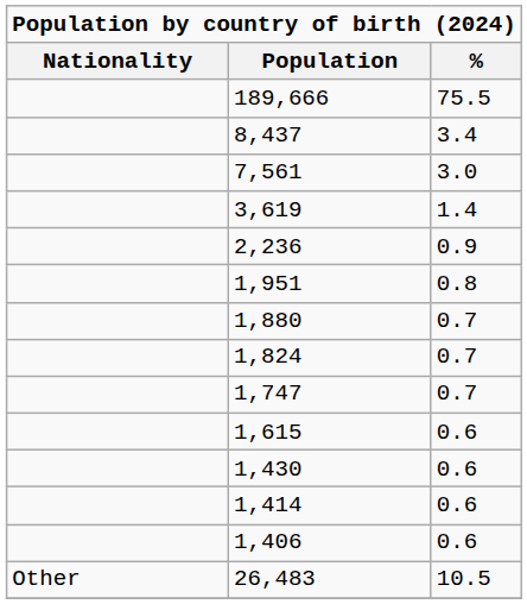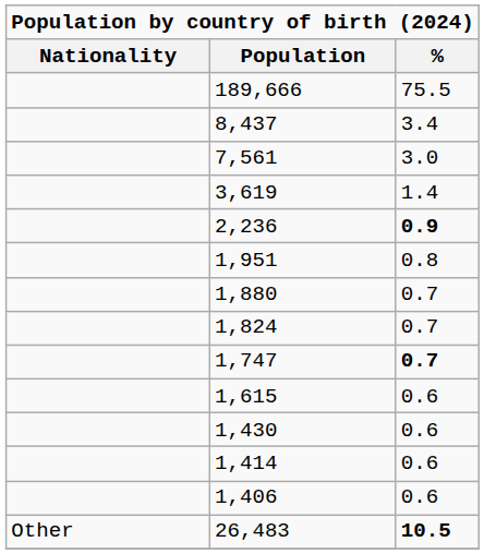 <table class="wikitable" style="float:right;">
 <tr>
 <td colspan="3"><strong>Population by country of birth (2024)</strong></td>
 </tr>
 <tr \>
 <th>Nationality</th>
 <th>Population</th>
 <th>%</th>
 </tr>
 <tr>
 <td></td>
 <td>189,666</td>
 <td>75.5</td>
 </tr>
 <tr>
 <td></td>
 <td>8,437</td>
 <td>3.4</td>
 </tr>
 <tr>
 <td></td>
 <td>7,561</td>
 <td>3.0</td>
 </tr>
 <tr>
 <td></td>
 <td>3,619</td>
 <td>1.4</td>
 </tr>
 <tr>
 <td></td>
 <td>2,236</td>
-<td>0.9</td>
+<td><strong>0.9</strong></td>
 </tr>
 <tr>
 <td></td>
 <td>1,951</td>
 <td>0.8</td>
 </tr>
 <tr>
 <td></td>
 <td>1,880</td>
 <td>0.7</td>
 </tr>
 <tr>
 <td></td>
 <td>1,824</td>
 <td>0.7</td>
 </tr>
 <tr>
 <td></td>
 <td>1,747</td>
-<td>0.7</td>
+<td><strong>0.7</strong></td>
 </tr>
 <tr>
 <td></td>
 <td>1,615</td>
 <td>0.6</td>
 </tr>
 <tr>
 <td></td>
 <td>1,430</td>
 <td>0.6</td>
 </tr>
 <tr>
 <td></td>
 <td>1,414</td>
 <td>0.6</td>
 </tr>
 <tr>
 <td></td>
 <td>1,406</td>
 <td>0.6</td>
 </tr>
 <tr>
 <td>Other</td>
 <td>26,483</td>
-<td>10.5</td>
+<td><strong>10.5</strong></td>
 </tr>
 <tr>
 </tr>
 </table>
